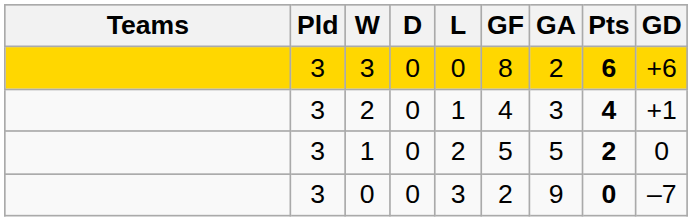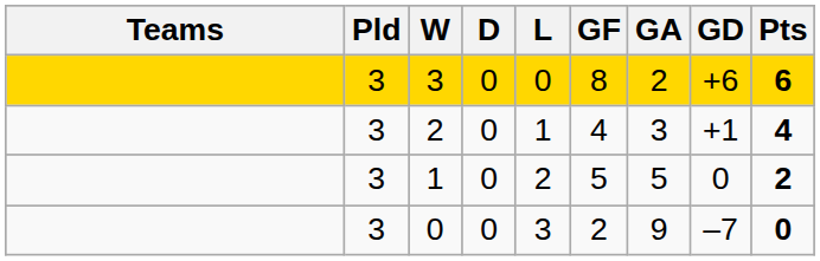 <table class="wikitable" style="text-align: center;">
 <tr>
 <th width=165>Teams</th>
 <th width=20>Pld</th>
 <th width=20>W</th>
 <th width=20>D</th>
 <th width=20>L</th>
 <th width=20>GF</th>
 <th width=20>GA</th>
+<th width=20>GD</th>
 <th width=20>Pts</th>
-<th width=20>GD</th>
 </tr>
 <tr align=center style="background:gold">
 <td style="text-align:left;"></td>
 <td>3</td>
 <td>3</td>
 <td>0</td>
 <td>0</td>
 <td>8</td>
 <td>2</td>
+<td>+6</td>
 <td><strong>6</strong></td>
-<td>+6</td>
 </tr>
 <tr align=center>
 <td style="text-align:left;"></td>
 <td>3</td>
 <td>2</td>
 <td>0</td>
 <td>1</td>
 <td>4</td>
 <td>3</td>
+<td>+1</td>
 <td><strong>4</strong></td>
-<td>+1</td>
 </tr>
 <tr align=center>
 <td style="text-align:left;"></td>
 <td>3</td>
 <td>1</td>
 <td>0</td>
 <td>2</td>
 <td>5</td>
 <td>5</td>
+<td>0</td>
 <td><strong>2</strong></td>
-<td>0</td>
 </tr>
 <tr align=center>
 <td style="text-align:left;"></td>
 <td>3</td>
 <td>0</td>
 <td>0</td>
 <td>3</td>
 <td>2</td>
 <td>9</td>
+<td>–7</td>
 <td><strong>0</strong></td>
-<td>–7</td>
 </tr>
 </table>
